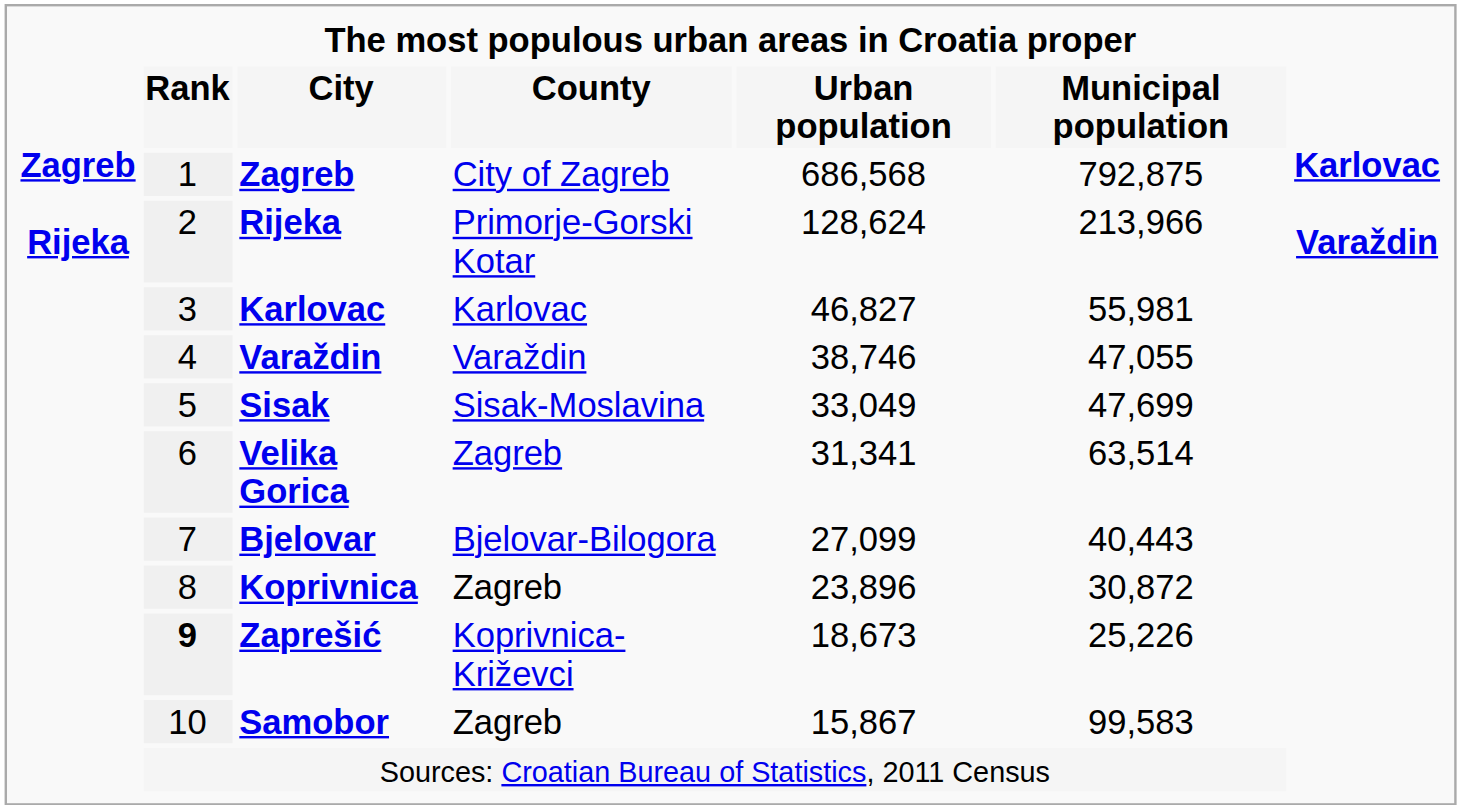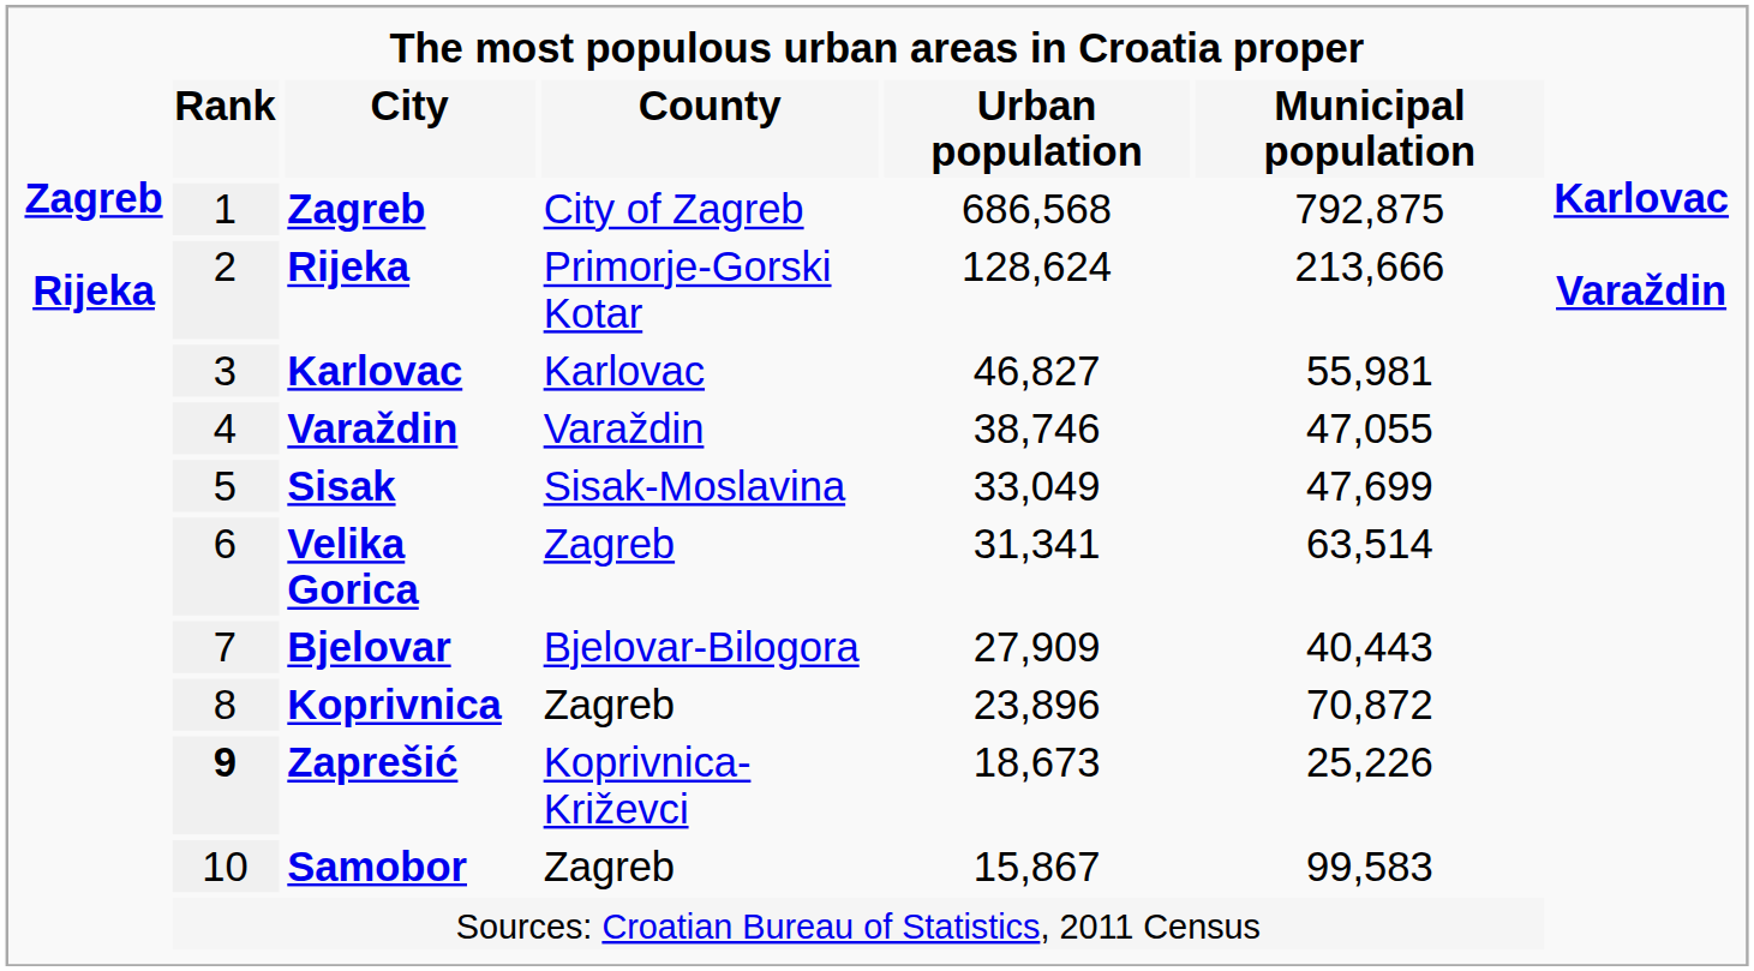 <table class="infobox" style="text-align:center; width:97%; margin-right:10px; font-size:90%">
 <tr>
 <th style="text-align:center;" colspan="11">The most populous urban areas in Croatia proper</th>
 </tr>
 <tr>
 <th rowspan=23 width:150><br><br><a href='#'>Zagreb</a><br> <br><a href='#'>Rijeka</a><br></th>
 <th style="text-align:center; background:#f5f5f5;">Rank</th>
 <th style="text-align:center; background:#f5f5f5;">City</th>
 <th style="text-align:center; background:#f5f5f5;">County</th>
 <th style="text-align:center; background:#f5f5f5;">Urban population</th>
 <th style="text-align:center; background:#f5f5f5;">Municipal population</th>
 <th rowspan=23 width:150><br><br><a href='#'>Karlovac</a><br> <br><a href='#'>Varaždin</a><br></th>
 </tr>
 <tr>
 <td style="text-align:center; background:#f0f0f0;">1</td>
 <td align=left><strong><a href='#'>Zagreb</a></strong></td>
 <td align=left><a href='#'>City of Zagreb</a></td>
 <td>686,568</td>
 <td>792,875</td>
 </tr>
 <tr>
 <td style="text-align:center; background:#f0f0f0;">2</td>
 <td align=left><strong><a href='#'>Rijeka</a></strong></td>
 <td align=left><a href='#'>Primorje-Gorski Kotar</a></td>
 <td>128,624</td>
-<td>213,966</td>
+<td>213,666</td>
 </tr>
 <tr>
 <td style="text-align:center; background:#f0f0f0;">3</td>
 <td align=left><strong><a href='#'>Karlovac</a></strong></td>
 <td align=left><a href='#'>Karlovac</a></td>
 <td>46,827</td>
 <td>55,981</td>
 </tr>
 <tr>
 <td style="text-align:center; background:#f0f0f0;">4</td>
 <td align=left><strong><a href='#'>Varaždin</a></strong></td>
 <td align=left><a href='#'>Varaždin</a></td>
 <td>38,746</td>
 <td>47,055</td>
 </tr>
 <tr>
 <td style="text-align:center; background:#f0f0f0;">5</td>
 <td align=left><strong><a href='#'>Sisak</a></strong></td>
 <td align=left><a href='#'>Sisak-Moslavina</a></td>
 <td>33,049</td>
 <td>47,699</td>
 </tr>
 <tr>
 <td style="text-align:center; background:#f0f0f0;">6</td>
 <td align=left><strong><a href='#'>Velika Gorica</a></strong></td>
 <td align=left><a href='#'>Zagreb</a></td>
 <td>31,341</td>
 <td>63,514</td>
 </tr>
 <tr>
 <td style="text-align:center; background:#f0f0f0;">7</td>
 <td align=left><strong><a href='#'>Bjelovar</a></strong></td>
 <td align=left><a href='#'>Bjelovar-Bilogora</a></td>
-<td>27,099</td>
+<td>27,909</td>
 <td>40,443</td>
 </tr>
 <tr>
 <td style="text-align:center; background:#f0f0f0;">8</td>
 <td align=left><strong><a href='#'>Koprivnica</a></strong></td>
 <td align=left>Zagreb</td>
 <td>23,896</td>
-<td>30,872</td>
+<td>70,872</td>
 </tr>
 <tr>
 <td style="text-align:center; background:#f0f0f0;"><strong>9</strong></td>
 <td align=left><strong><a href='#'>Zaprešić</a></strong></td>
 <td align=left><a href='#'>Koprivnica-Križevci</a></td>
 <td>18,673</td>
 <td>25,226</td>
 </tr>
 <tr>
 <td style="text-align:center; background:#f0f0f0;">10</td>
 <td align=left><strong><a href='#'>Samobor</a></strong></td>
 <td align=left>Zagreb</td>
 <td>15,867</td>
 <td>99,583</td>
 </tr>
 <tr>
 <td colspan="5"  style="text-align:center; background:#f5f5f5;"><small>Sources: <a href='#'>Croatian Bureau of Statistics</a>, 2011 Census</small></td>
 </tr>
 </table>
